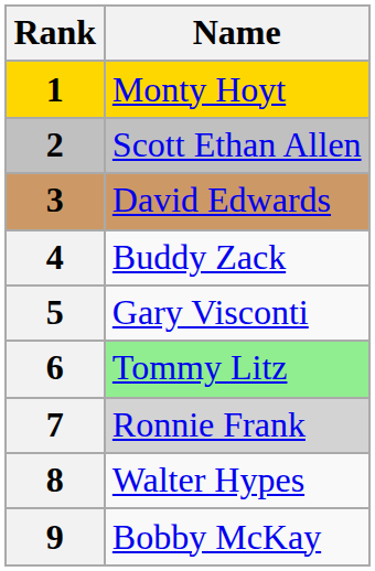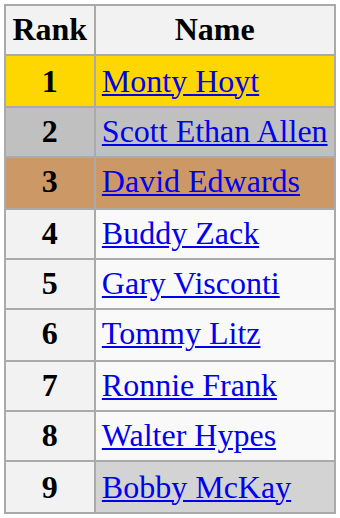 <table class="wikitable">
 <tr>
 <th>Rank</th>
 <th>Name</th>
 </tr>
 <tr bgcolor="gold">
 <td align="center"><strong>1</strong></td>
 <td><a href='#'>Monty Hoyt</a></td>
 </tr>
 <tr bgcolor="silver">
 <td align="center"><strong>2</strong></td>
 <td><a href='#'>Scott Ethan Allen</a></td>
 </tr>
 <tr bgcolor="cc9966">
 <td align="center"><strong>3</strong></td>
 <td><a href='#'>David Edwards</a></td>
 </tr>
 <tr>
 <th>4</th>
 <td><a href='#'>Buddy Zack</a></td>
 </tr>
 <tr>
 <th>5</th>
 <td><a href='#'>Gary Visconti</a></td>
 </tr>
 <tr>
 <th>6</th>
-<td style="background: lightgreen;"><a href='#'>Tommy Litz</a></td>
+<td><a href='#'>Tommy Litz</a></td>
 </tr>
 <tr>
 <th>7</th>
-<td style="background: lightgrey;"><a href='#'>Ronnie Frank</a></td>
+<td><a href='#'>Ronnie Frank</a></td>
 </tr>
 <tr>
 <th>8</th>
 <td><a href='#'>Walter Hypes</a></td>
 </tr>
 <tr>
 <th>9</th>
-<td><a href='#'>Bobby McKay</a></td>
+<td style="background: lightgrey;"><a href='#'>Bobby McKay</a></td>
 </tr>
 </table>
